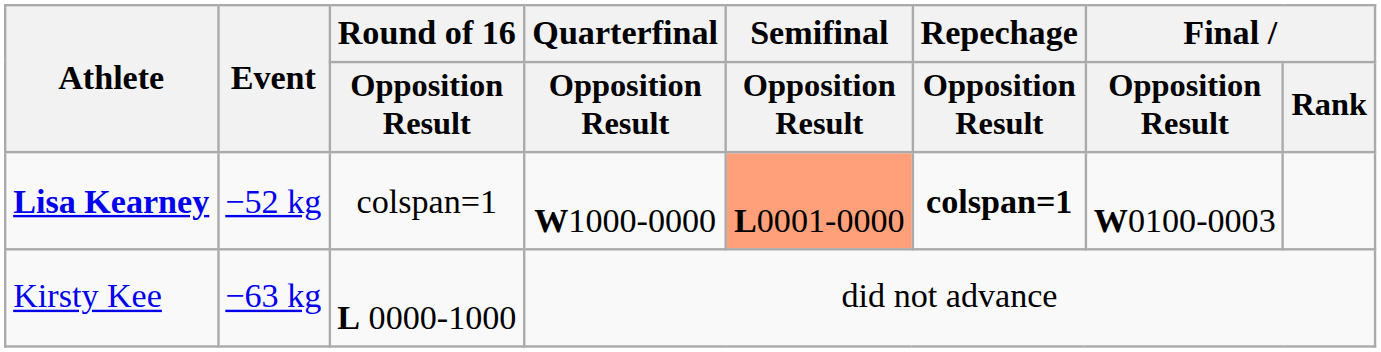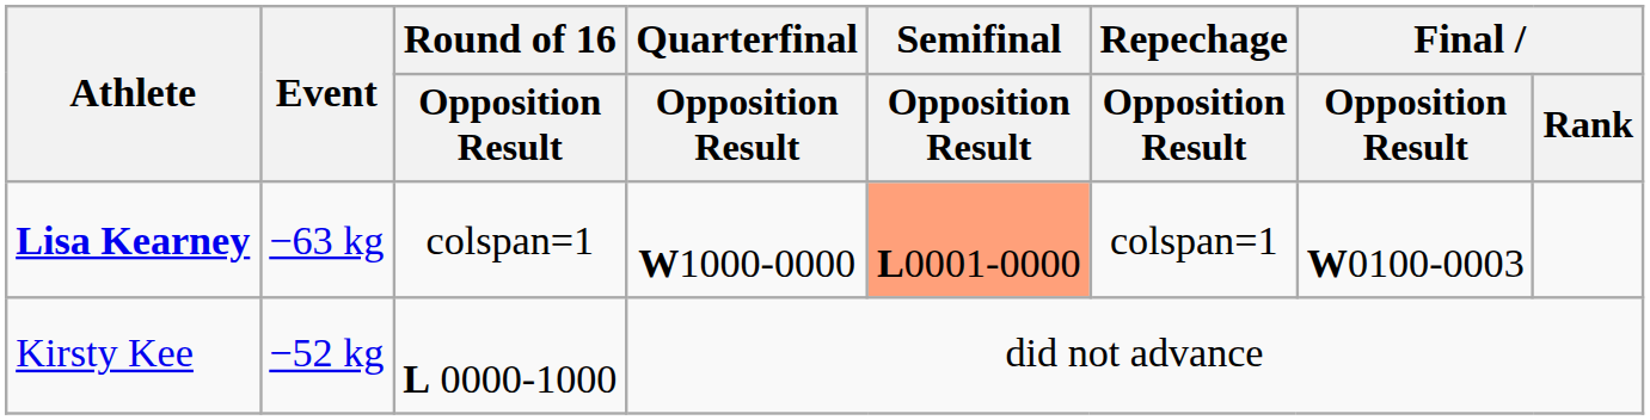 <table class="wikitable" style="font-size:90%">
 <tr>
 <th rowspan=2>Athlete</th>
 <th rowspan=2>Event</th>
 <th>Round of 16</th>
 <th>Quarterfinal</th>
 <th>Semifinal</th>
 <th>Repechage</th>
 <th colspan=2>Final / </th>
 </tr>
 <tr style="font-size: 95%">
 <th>Opposition<br>Result</th>
 <th>Opposition<br>Result</th>
 <th>Opposition<br>Result</th>
 <th>Opposition<br>Result</th>
 <th>Opposition<br>Result</th>
 <th>Rank</th>
 </tr>
 <tr align=center>
 <td align=left><strong><a href='#'>Lisa Kearney</a></strong></td>
-<td align=left><a href='#'>−52 kg</a></td>
+<td align=left><a href='#'>−63 kg</a></td>
 <td>colspan=1 </td>
 <td><br><strong>W</strong>1000-0000</td>
 <td style="background: lightsalmon;"><br><strong>L</strong>0001-0000</td>
-<td><strong>colspan=1 </strong></td>
+<td>colspan=1 </td>
 <td><br><strong>W</strong>0100-0003</td>
 <td></td>
 </tr>
 <tr align=center>
 <td align=left><a href='#'>Kirsty Kee</a></td>
-<td align=left><a href='#'>−63 kg</a></td>
+<td align=left><a href='#'>−52 kg</a></td>
 <td><br><strong>L</strong> 0000-1000</td>
 <td colspan=5>did not advance</td>
 </tr>
 </table>
